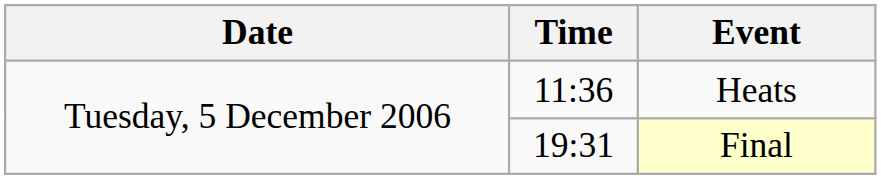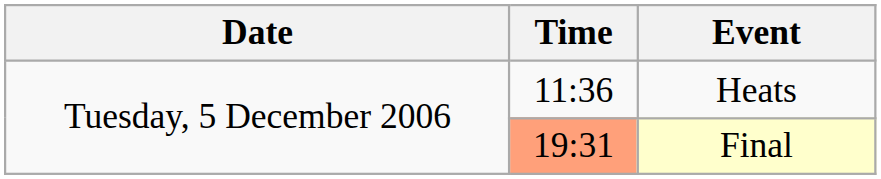 <table class = "wikitable" style="text-align:center;">
 <tr>
 <th width=220>Date</th>
 <th width=50>Time</th>
 <th width=100>Event</th>
 </tr>
 <tr>
 <td rowspan=2>Tuesday, 5 December 2006</td>
 <td>11:36</td>
 <td>Heats</td>
 </tr>
 <tr>
-<td>19:31</td>
+<td style="background: lightsalmon;">19:31</td>
 <td bgcolor=ffffcc>Final</td>
 </tr>
 </table>
